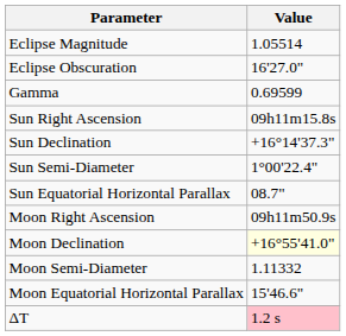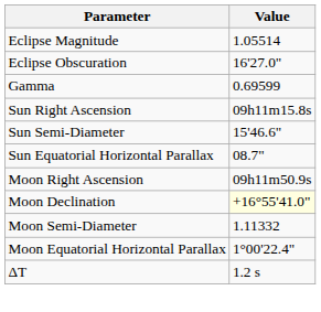 <table class="wikitable">
 <tr>
 <th>Parameter</th>
 <th>Value</th>
 </tr>
 <tr>
 <td>Eclipse Magnitude</td>
 <td>1.05514</td>
 </tr>
 <tr>
 <td>Eclipse Obscuration</td>
 <td>16'27.0"</td>
 </tr>
 <tr>
 <td>Gamma</td>
 <td>0.69599</td>
 </tr>
 <tr>
 <td>Sun Right Ascension</td>
 <td>09h11m15.8s</td>
 </tr>
 <tr>
-<td>Sun Declination</td>
-<td>+16°14'37.3"</td>
-</tr>
-<tr>
 <td>Sun Semi-Diameter</td>
-<td>1°00'22.4"</td>
+<td>15'46.6"</td>
 </tr>
 <tr>
 <td>Sun Equatorial Horizontal Parallax</td>
 <td>08.7"</td>
 </tr>
 <tr>
 <td>Moon Right Ascension</td>
 <td>09h11m50.9s</td>
 </tr>
 <tr>
 <td>Moon Declination</td>
 <td style="background: lightyellow;">+16°55'41.0"</td>
 </tr>
 <tr>
 <td>Moon Semi-Diameter</td>
 <td>1.11332</td>
 </tr>
 <tr>
 <td>Moon Equatorial Horizontal Parallax</td>
-<td>15'46.6"</td>
+<td>1°00'22.4"</td>
 </tr>
 <tr>
 <td>ΔT</td>
-<td style="background: pink;">1.2 s</td>
+<td>1.2 s</td>
 </tr>
 </table>
